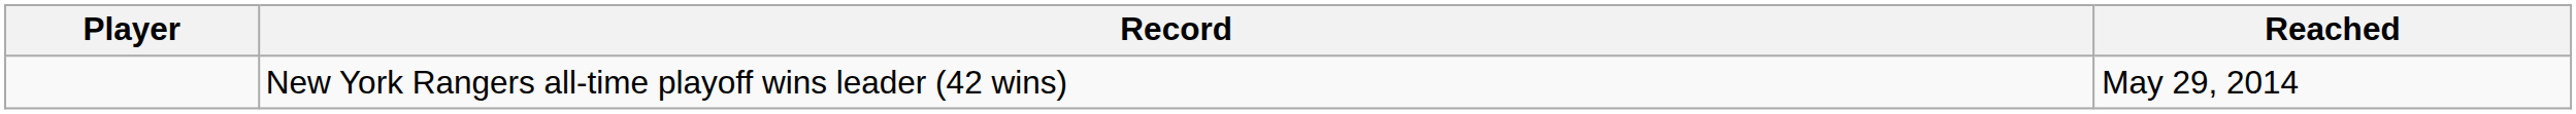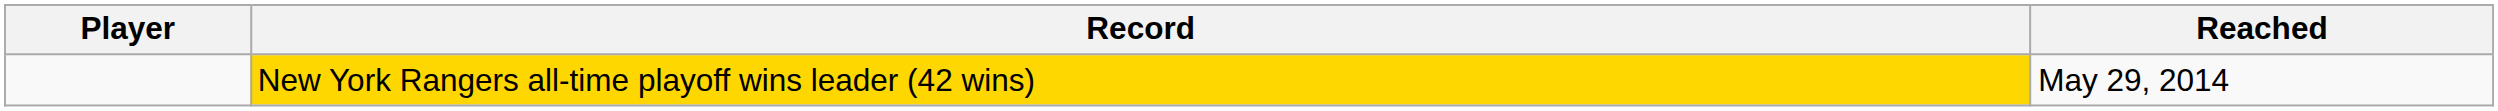 <table class="wikitable sortable" style="width:100%;">
 <tr align=center>
 <th>Player</th>
 <th>Record</th>
 <th>Reached</th>
 </tr>
 <tr>
 <td></td>
-<td>New York Rangers all-time playoff wins leader (42 wins)</td>
+<td style="background: gold;">New York Rangers all-time playoff wins leader (42 wins)</td>
 <td>May 29, 2014</td>
 </tr>
 </table>
